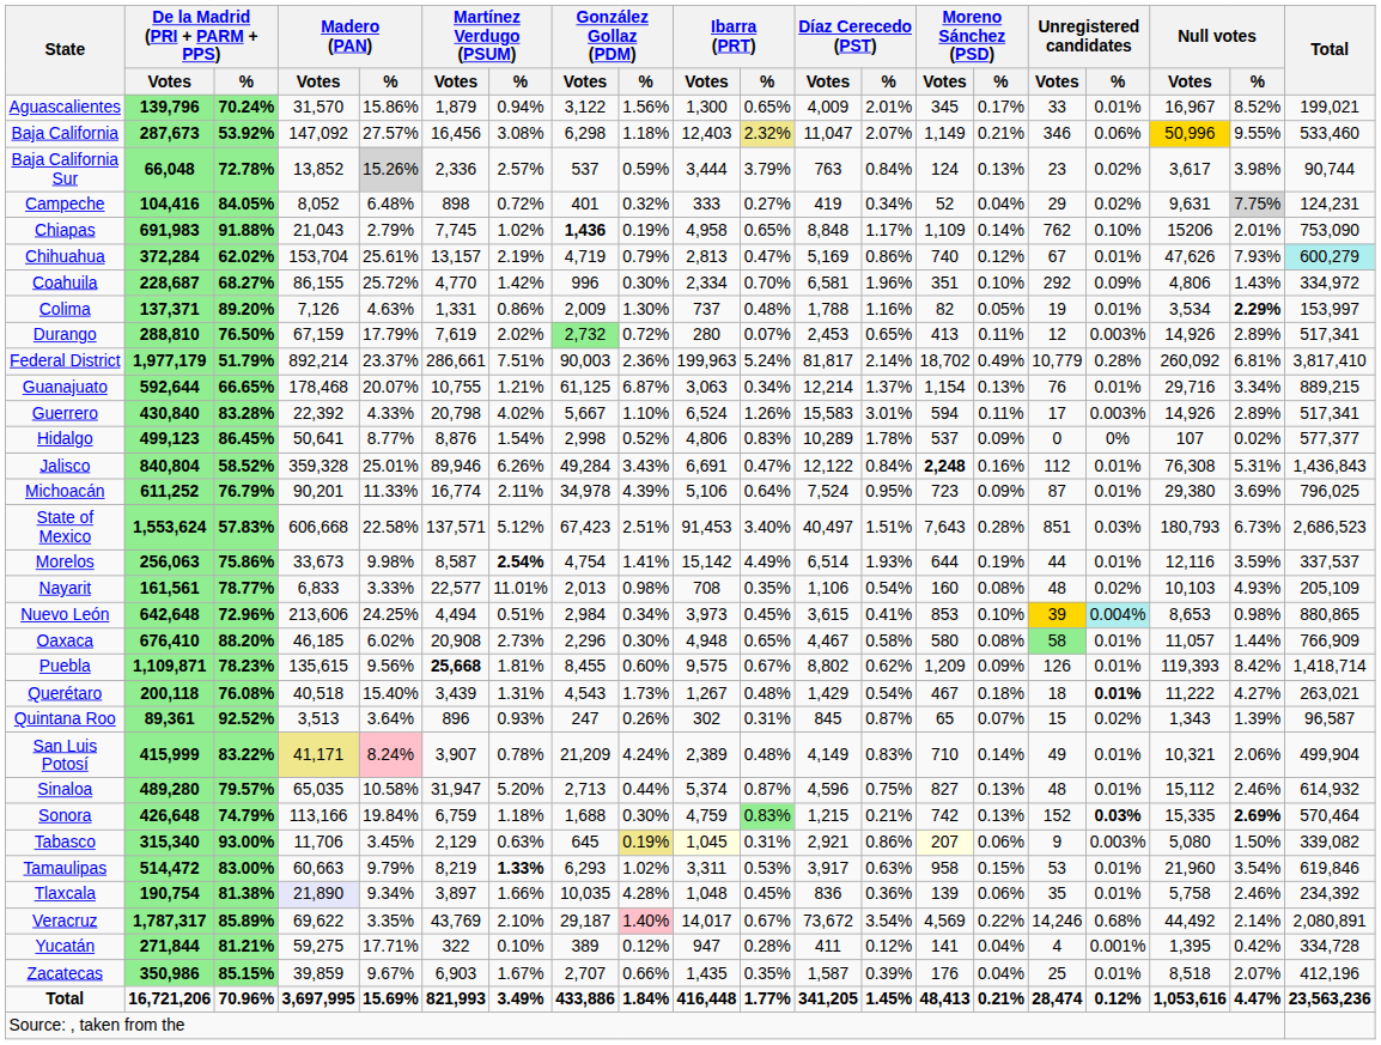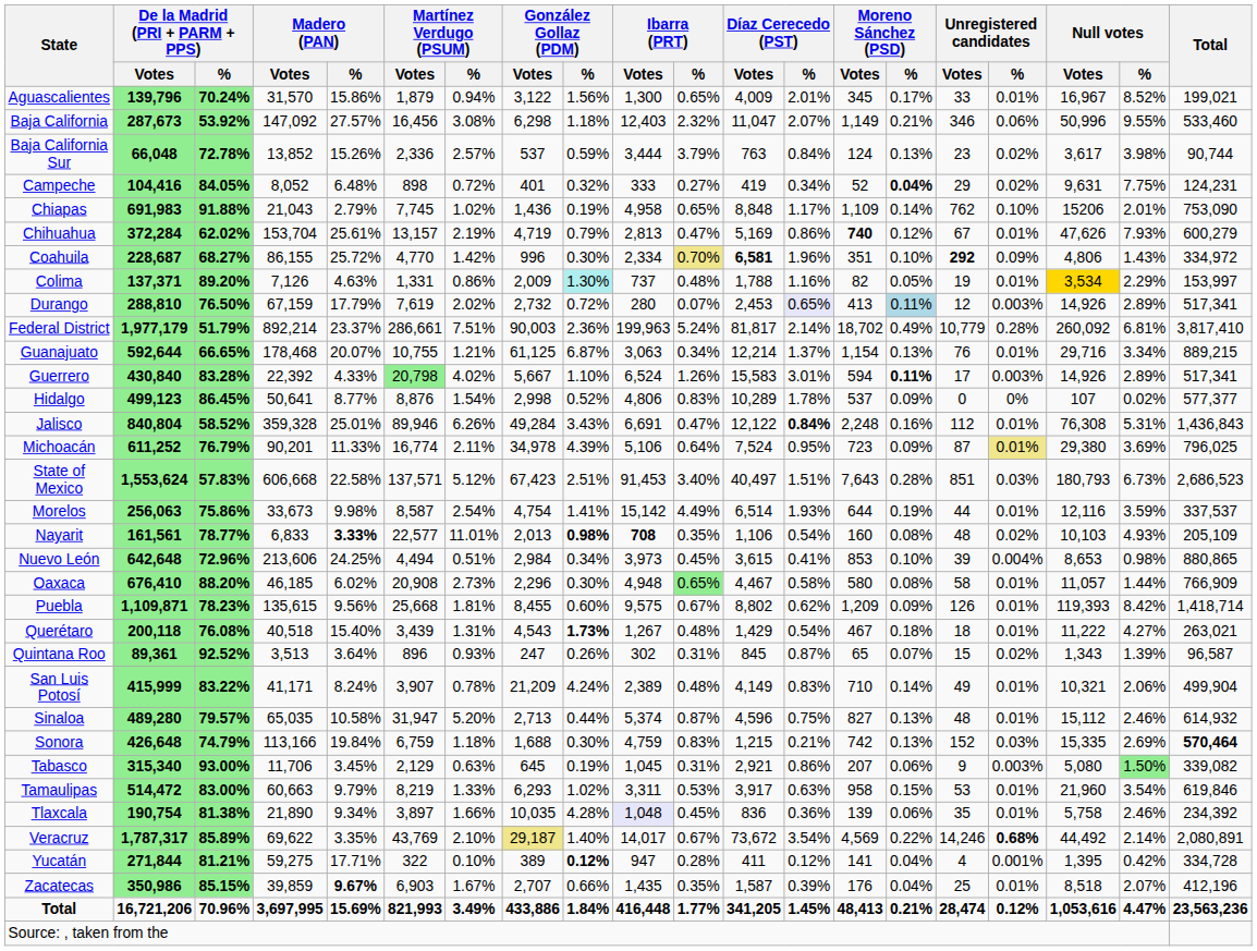 <table class="wikitable sortable"  style="text-align: center;">
 <tr>
 <th rowspan=2>State</th>
 <th colspan=2><a href='#'>De la Madrid</a><br>(<a href='#'>PRI</a> + <a href='#'>PARM</a> + <a href='#'>PPS</a>)</th>
 <th colspan=2><a href='#'>Madero</a><br>(<a href='#'>PAN</a>)</th>
 <th colspan=2><a href='#'>Martínez Verdugo</a><br>(<a href='#'>PSUM</a>)</th>
 <th colspan=2><a href='#'>González Gollaz</a><br>(<a href='#'>PDM</a>)</th>
 <th colspan=2><a href='#'>Ibarra</a><br>(<a href='#'>PRT</a>)</th>
 <th colspan=2><a href='#'>Díaz Cerecedo</a><br>(<a href='#'>PST</a>)</th>
 <th colspan=2><a href='#'>Moreno Sánchez</a><br>(<a href='#'>PSD</a>)</th>
 <th colspan=2>Unregistered candidates</th>
 <th colspan=2>Null votes</th>
 <th rowspan=2 colspan=1>Total</th>
 </tr>
 <tr>
 <th>Votes</th>
 <th>%</th>
 <th>Votes</th>
 <th>%</th>
 <th>Votes</th>
 <th>%</th>
 <th>Votes</th>
 <th>%</th>
 <th>Votes</th>
 <th>%</th>
 <th>Votes</th>
 <th>%</th>
 <th>Votes</th>
 <th>%</th>
 <th>Votes</th>
 <th>%</th>
 <th>Votes</th>
 <th>%</th>
 </tr>
 <tr>
 <td><a href='#'>Aguascalientes</a></td>
 <td bgcolor="lightgreen"><strong>139,796</strong></td>
 <td bgcolor="lightgreen"><strong>70.24%</strong></td>
 <td>31,570</td>
 <td>15.86%</td>
 <td>1,879</td>
 <td>0.94%</td>
 <td>3,122</td>
 <td>1.56%</td>
 <td>1,300</td>
 <td>0.65%</td>
 <td>4,009</td>
 <td>2.01%</td>
 <td>345</td>
 <td>0.17%</td>
 <td>33</td>
 <td>0.01%</td>
 <td>16,967</td>
 <td>8.52%</td>
 <td>199,021</td>
 </tr>
 <tr>
 <td><a href='#'>Baja California</a></td>
 <td bgcolor="lightgreen"><strong>287,673</strong></td>
 <td bgcolor="lightgreen"><strong>53.92%</strong></td>
 <td>147,092</td>
 <td>27.57%</td>
 <td>16,456</td>
 <td>3.08%</td>
 <td>6,298</td>
 <td>1.18%</td>
 <td>12,403</td>
-<td style="background: khaki;">2.32%</td>
+<td>2.32%</td>
 <td>11,047</td>
 <td>2.07%</td>
 <td>1,149</td>
 <td>0.21%</td>
 <td>346</td>
 <td>0.06%</td>
-<td style="background: gold;">50,996</td>
+<td>50,996</td>
 <td>9.55%</td>
 <td>533,460</td>
 </tr>
 <tr>
 <td><a href='#'>Baja California Sur</a></td>
 <td bgcolor="lightgreen"><strong>66,048</strong></td>
 <td bgcolor="lightgreen"><strong>72.78%</strong></td>
 <td>13,852</td>
-<td style="background: lightgrey;">15.26%</td>
+<td>15.26%</td>
 <td>2,336</td>
 <td>2.57%</td>
 <td>537</td>
 <td>0.59%</td>
 <td>3,444</td>
 <td>3.79%</td>
 <td>763</td>
 <td>0.84%</td>
 <td>124</td>
 <td>0.13%</td>
 <td>23</td>
 <td>0.02%</td>
 <td>3,617</td>
 <td>3.98%</td>
 <td>90,744</td>
 </tr>
 <tr>
 <td><a href='#'>Campeche</a></td>
 <td bgcolor="lightgreen"><strong>104,416</strong></td>
 <td bgcolor="lightgreen"><strong>84.05%</strong></td>
 <td>8,052</td>
 <td>6.48%</td>
 <td>898</td>
 <td>0.72%</td>
 <td>401</td>
 <td>0.32%</td>
 <td>333</td>
 <td>0.27%</td>
 <td>419</td>
 <td>0.34%</td>
 <td>52</td>
-<td>0.04%</td>
+<td><strong>0.04%</strong></td>
 <td>29</td>
 <td>0.02%</td>
 <td>9,631</td>
-<td style="background: lightgrey;">7.75%</td>
+<td>7.75%</td>
 <td>124,231</td>
 </tr>
 <tr>
 <td><a href='#'>Chiapas</a></td>
 <td bgcolor="lightgreen"><strong>691,983</strong></td>
 <td bgcolor="lightgreen"><strong>91.88%</strong></td>
 <td>21,043</td>
 <td>2.79%</td>
 <td>7,745</td>
 <td>1.02%</td>
-<td><strong>1,436</strong></td>
+<td>1,436</td>
 <td>0.19%</td>
 <td>4,958</td>
 <td>0.65%</td>
 <td>8,848</td>
 <td>1.17%</td>
 <td>1,109</td>
 <td>0.14%</td>
 <td>762</td>
 <td>0.10%</td>
 <td>15206</td>
 <td>2.01%</td>
 <td>753,090</td>
 </tr>
 <tr>
 <td><a href='#'>Chihuahua</a></td>
 <td bgcolor="lightgreen"><strong>372,284</strong></td>
 <td bgcolor="lightgreen"><strong>62.02%</strong></td>
 <td>153,704</td>
 <td>25.61%</td>
 <td>13,157</td>
 <td>2.19%</td>
 <td>4,719</td>
 <td>0.79%</td>
 <td>2,813</td>
 <td>0.47%</td>
 <td>5,169</td>
 <td>0.86%</td>
-<td>740</td>
+<td><strong>740</strong></td>
 <td>0.12%</td>
 <td>67</td>
 <td>0.01%</td>
 <td>47,626</td>
 <td>7.93%</td>
-<td style="background: paleturquoise;">600,279</td>
+<td>600,279</td>
 </tr>
 <tr>
 <td><a href='#'>Coahuila</a></td>
 <td bgcolor="lightgreen"><strong>228,687</strong></td>
 <td bgcolor="lightgreen"><strong>68.27%</strong></td>
 <td>86,155</td>
 <td>25.72%</td>
 <td>4,770</td>
 <td>1.42%</td>
 <td>996</td>
 <td>0.30%</td>
 <td>2,334</td>
-<td>0.70%</td>
-<td>6,581</td>
+<td style="background: khaki;">0.70%</td>
+<td><strong>6,581</strong></td>
 <td>1.96%</td>
 <td>351</td>
 <td>0.10%</td>
-<td>292</td>
+<td><strong>292</strong></td>
 <td>0.09%</td>
 <td>4,806</td>
 <td>1.43%</td>
 <td>334,972</td>
 </tr>
 <tr>
 <td><a href='#'>Colima</a></td>
 <td bgcolor="lightgreen"><strong>137,371</strong></td>
 <td bgcolor="lightgreen"><strong>89.20%</strong></td>
 <td>7,126</td>
 <td>4.63%</td>
 <td>1,331</td>
 <td>0.86%</td>
 <td>2,009</td>
-<td>1.30%</td>
+<td style="background: paleturquoise;">1.30%</td>
 <td>737</td>
 <td>0.48%</td>
 <td>1,788</td>
 <td>1.16%</td>
 <td>82</td>
 <td>0.05%</td>
 <td>19</td>
 <td>0.01%</td>
-<td>3,534</td>
-<td><strong>2.29%</strong></td>
+<td style="background: gold;">3,534</td>
+<td>2.29%</td>
 <td>153,997</td>
 </tr>
 <tr>
 <td><a href='#'>Durango</a></td>
 <td bgcolor="lightgreen"><strong>288,810</strong></td>
 <td bgcolor="lightgreen"><strong>76.50%</strong></td>
 <td>67,159</td>
 <td>17.79%</td>
 <td>7,619</td>
 <td>2.02%</td>
-<td style="background: lightgreen;">2,732</td>
+<td>2,732</td>
 <td>0.72%</td>
 <td>280</td>
 <td>0.07%</td>
 <td>2,453</td>
-<td>0.65%</td>
+<td style="background: lavender;">0.65%</td>
 <td>413</td>
-<td>0.11%</td>
+<td style="background: lightblue;">0.11%</td>
 <td>12</td>
 <td>0.003%</td>
 <td>14,926</td>
 <td>2.89%</td>
 <td>517,341</td>
 </tr>
 <tr>
 <td><a href='#'>Federal District</a></td>
 <td bgcolor="lightgreen"><strong>1,977,179</strong></td>
 <td bgcolor="lightgreen"><strong>51.79%</strong></td>
 <td>892,214</td>
 <td>23.37%</td>
 <td>286,661</td>
 <td>7.51%</td>
 <td>90,003</td>
 <td>2.36%</td>
 <td>199,963</td>
 <td>5.24%</td>
 <td>81,817</td>
 <td>2.14%</td>
 <td>18,702</td>
 <td>0.49%</td>
 <td>10,779</td>
 <td>0.28%</td>
 <td>260,092</td>
 <td>6.81%</td>
 <td>3,817,410</td>
 </tr>
 <tr>
 <td><a href='#'>Guanajuato</a></td>
 <td bgcolor="lightgreen"><strong>592,644</strong></td>
 <td bgcolor="lightgreen"><strong>66.65%</strong></td>
 <td>178,468</td>
 <td>20.07%</td>
 <td>10,755</td>
 <td>1.21%</td>
 <td>61,125</td>
 <td>6.87%</td>
 <td>3,063</td>
 <td>0.34%</td>
 <td>12,214</td>
 <td>1.37%</td>
 <td>1,154</td>
 <td>0.13%</td>
 <td>76</td>
 <td>0.01%</td>
 <td>29,716</td>
 <td>3.34%</td>
 <td>889,215</td>
 </tr>
 <tr>
 <td><a href='#'>Guerrero</a></td>
 <td bgcolor="lightgreen"><strong>430,840</strong></td>
 <td bgcolor="lightgreen"><strong>83.28%</strong></td>
 <td>22,392</td>
 <td>4.33%</td>
-<td>20,798</td>
+<td style="background: lightgreen;">20,798</td>
 <td>4.02%</td>
 <td>5,667</td>
 <td>1.10%</td>
 <td>6,524</td>
 <td>1.26%</td>
 <td>15,583</td>
 <td>3.01%</td>
 <td>594</td>
-<td>0.11%</td>
+<td><strong>0.11%</strong></td>
 <td>17</td>
 <td>0.003%</td>
 <td>14,926</td>
 <td>2.89%</td>
 <td>517,341</td>
 </tr>
 <tr>
 <td><a href='#'>Hidalgo</a></td>
 <td bgcolor="lightgreen"><strong> 499,123</strong></td>
 <td bgcolor="lightgreen"><strong>86.45%</strong></td>
 <td>50,641</td>
 <td>8.77%</td>
 <td>8,876</td>
 <td>1.54%</td>
 <td>2,998</td>
 <td>0.52%</td>
 <td>4,806</td>
 <td>0.83%</td>
 <td>10,289</td>
 <td>1.78%</td>
 <td>537</td>
 <td>0.09%</td>
 <td>0</td>
 <td>0%</td>
 <td>107</td>
 <td>0.02%</td>
 <td>577,377</td>
 </tr>
 <tr>
 <td><a href='#'>Jalisco</a></td>
 <td bgcolor="lightgreen"><strong>840,804</strong></td>
 <td bgcolor="lightgreen"><strong>58.52%</strong></td>
 <td>359,328</td>
 <td>25.01%</td>
 <td>89,946</td>
 <td>6.26%</td>
 <td>49,284</td>
 <td>3.43%</td>
 <td>6,691</td>
 <td>0.47%</td>
 <td>12,122</td>
-<td>0.84%</td>
-<td><strong>2,248</strong></td>
+<td><strong>0.84%</strong></td>
+<td>2,248</td>
 <td>0.16%</td>
 <td>112</td>
 <td>0.01%</td>
 <td>76,308</td>
 <td>5.31%</td>
 <td>1,436,843</td>
 </tr>
 <tr>
 <td><a href='#'>Michoacán</a></td>
 <td bgcolor="lightgreen"><strong>611,252</strong></td>
 <td bgcolor="lightgreen"><strong>76.79%</strong></td>
 <td>90,201</td>
 <td>11.33%</td>
 <td>16,774</td>
 <td>2.11%</td>
 <td>34,978</td>
 <td>4.39%</td>
 <td>5,106</td>
 <td>0.64%</td>
 <td>7,524</td>
 <td>0.95%</td>
 <td>723</td>
 <td>0.09%</td>
 <td>87</td>
-<td>0.01%</td>
+<td style="background: khaki;">0.01%</td>
 <td>29,380</td>
 <td>3.69%</td>
 <td>796,025</td>
 </tr>
 <tr>
 <td><a href='#'>State of Mexico</a></td>
 <td bgcolor="lightgreen"><strong>1,553,624</strong></td>
 <td bgcolor="lightgreen"><strong>57.83%</strong></td>
 <td>606,668</td>
 <td>22.58%</td>
 <td>137,571</td>
 <td>5.12%</td>
 <td>67,423</td>
 <td>2.51%</td>
 <td>91,453</td>
 <td>3.40%</td>
 <td>40,497</td>
 <td>1.51%</td>
 <td>7,643</td>
 <td>0.28%</td>
 <td>851</td>
 <td>0.03%</td>
 <td>180,793</td>
 <td>6.73%</td>
 <td>2,686,523</td>
 </tr>
 <tr>
 <td><a href='#'>Morelos</a></td>
 <td bgcolor="lightgreen"><strong>256,063</strong></td>
 <td bgcolor="lightgreen"><strong>75.86%</strong></td>
 <td>33,673</td>
 <td>9.98%</td>
 <td>8,587</td>
-<td><strong>2.54%</strong></td>
+<td>2.54%</td>
 <td>4,754</td>
 <td>1.41%</td>
 <td>15,142</td>
 <td>4.49%</td>
 <td>6,514</td>
 <td>1.93%</td>
 <td>644</td>
 <td>0.19%</td>
 <td>44</td>
 <td>0.01%</td>
 <td>12,116</td>
 <td>3.59%</td>
 <td>337,537</td>
 </tr>
 <tr>
 <td><a href='#'>Nayarit</a></td>
 <td bgcolor="lightgreen"><strong>161,561</strong></td>
 <td bgcolor="lightgreen"><strong>78.77%</strong></td>
 <td>6,833</td>
-<td>3.33%</td>
+<td><strong>3.33%</strong></td>
 <td>22,577</td>
 <td>11.01%</td>
 <td>2,013</td>
-<td>0.98%</td>
-<td>708</td>
+<td><strong>0.98%</strong></td>
+<td><strong>708</strong></td>
 <td>0.35%</td>
 <td>1,106</td>
 <td>0.54%</td>
 <td>160</td>
 <td>0.08%</td>
 <td>48</td>
 <td>0.02%</td>
 <td>10,103</td>
 <td>4.93%</td>
 <td>205,109</td>
 </tr>
 <tr>
 <td><a href='#'>Nuevo León</a></td>
 <td bgcolor="lightgreen"><strong>642,648</strong></td>
 <td bgcolor="lightgreen"><strong>72.96%</strong></td>
 <td>213,606</td>
 <td>24.25%</td>
 <td>4,494</td>
 <td>0.51%</td>
 <td>2,984</td>
 <td>0.34%</td>
 <td>3,973</td>
 <td>0.45%</td>
 <td>3,615</td>
 <td>0.41%</td>
 <td>853</td>
 <td>0.10%</td>
-<td style="background: gold;">39</td>
-<td style="background: paleturquoise;">0.004%</td>
+<td>39</td>
+<td>0.004%</td>
 <td>8,653</td>
 <td>0.98%</td>
 <td>880,865</td>
 </tr>
 <tr>
 <td><a href='#'>Oaxaca</a></td>
 <td bgcolor="lightgreen"><strong>676,410</strong></td>
 <td bgcolor="lightgreen"><strong>88.20%</strong></td>
 <td>46,185</td>
 <td>6.02%</td>
 <td>20,908</td>
 <td>2.73%</td>
 <td>2,296</td>
 <td>0.30%</td>
 <td>4,948</td>
-<td>0.65%</td>
+<td style="background: lightgreen;">0.65%</td>
 <td>4,467</td>
 <td>0.58%</td>
 <td>580</td>
 <td>0.08%</td>
-<td style="background: lightgreen;">58</td>
+<td>58</td>
 <td>0.01%</td>
 <td>11,057</td>
 <td>1.44%</td>
 <td>766,909</td>
 </tr>
 <tr>
 <td><a href='#'>Puebla</a></td>
 <td bgcolor="lightgreen"><strong>1,109,871</strong></td>
 <td bgcolor="lightgreen"><strong>78.23%</strong></td>
 <td>135,615</td>
 <td>9.56%</td>
-<td><strong>25,668</strong></td>
+<td>25,668</td>
 <td>1.81%</td>
 <td>8,455</td>
 <td>0.60%</td>
 <td>9,575</td>
 <td>0.67%</td>
 <td>8,802</td>
 <td>0.62%</td>
 <td>1,209</td>
 <td>0.09%</td>
 <td>126</td>
 <td>0.01%</td>
 <td>119,393</td>
 <td>8.42%</td>
 <td>1,418,714</td>
 </tr>
 <tr>
 <td><a href='#'>Querétaro</a></td>
 <td bgcolor="lightgreen"><strong>200,118</strong></td>
 <td bgcolor="lightgreen"><strong>76.08%</strong></td>
 <td>40,518</td>
 <td>15.40%</td>
 <td>3,439</td>
 <td>1.31%</td>
 <td>4,543</td>
-<td>1.73%</td>
+<td><strong>1.73%</strong></td>
 <td>1,267</td>
 <td>0.48%</td>
 <td>1,429</td>
 <td>0.54%</td>
 <td>467</td>
 <td>0.18%</td>
 <td>18</td>
-<td><strong>0.01%</strong></td>
+<td>0.01%</td>
 <td>11,222</td>
 <td>4.27%</td>
 <td>263,021</td>
 </tr>
 <tr>
 <td><a href='#'>Quintana Roo</a></td>
 <td bgcolor="lightgreen"><strong>89,361</strong></td>
 <td bgcolor="lightgreen"><strong>92.52%</strong></td>
 <td>3,513</td>
 <td>3.64%</td>
 <td>896</td>
 <td>0.93%</td>
 <td>247</td>
 <td>0.26%</td>
 <td>302</td>
 <td>0.31%</td>
 <td>845</td>
 <td>0.87%</td>
 <td>65</td>
 <td>0.07%</td>
 <td>15</td>
 <td>0.02%</td>
 <td>1,343</td>
 <td>1.39%</td>
 <td>96,587</td>
 </tr>
 <tr>
 <td><a href='#'>San Luis Potosí</a></td>
 <td bgcolor="lightgreen"><strong>415,999</strong></td>
 <td bgcolor="lightgreen"><strong>83.22%</strong></td>
-<td style="background: khaki;">41,171</td>
-<td style="background: pink;">8.24%</td>
+<td>41,171</td>
+<td>8.24%</td>
 <td>3,907</td>
 <td>0.78%</td>
 <td>21,209</td>
 <td>4.24%</td>
 <td>2,389</td>
 <td>0.48%</td>
 <td>4,149</td>
 <td>0.83%</td>
 <td>710</td>
 <td>0.14%</td>
 <td>49</td>
 <td>0.01%</td>
 <td>10,321</td>
 <td>2.06%</td>
 <td>499,904</td>
 </tr>
 <tr>
 <td><a href='#'>Sinaloa</a></td>
 <td bgcolor="lightgreen"><strong>489,280</strong></td>
 <td bgcolor="lightgreen"><strong>79.57%</strong></td>
 <td>65,035</td>
 <td>10.58%</td>
 <td>31,947</td>
 <td>5.20%</td>
 <td>2,713</td>
 <td>0.44%</td>
 <td>5,374</td>
 <td>0.87%</td>
 <td>4,596</td>
 <td>0.75%</td>
 <td>827</td>
 <td>0.13%</td>
 <td>48</td>
 <td>0.01%</td>
 <td>15,112</td>
 <td>2.46%</td>
 <td>614,932</td>
 </tr>
 <tr>
 <td><a href='#'>Sonora</a></td>
 <td bgcolor="lightgreen"><strong>426,648</strong></td>
 <td bgcolor="lightgreen"><strong>74.79%</strong></td>
 <td>113,166</td>
 <td>19.84%</td>
 <td>6,759</td>
 <td>1.18%</td>
 <td>1,688</td>
 <td>0.30%</td>
 <td>4,759</td>
-<td style="background: lightgreen;">0.83%</td>
+<td>0.83%</td>
 <td>1,215</td>
 <td>0.21%</td>
 <td>742</td>
 <td>0.13%</td>
 <td>152</td>
-<td><strong>0.03%</strong></td>
+<td>0.03%</td>
 <td>15,335</td>
-<td><strong>2.69%</strong></td>
-<td>570,464</td>
+<td>2.69%</td>
+<td><strong>570,464</strong></td>
 </tr>
 <tr>
 <td><a href='#'>Tabasco</a></td>
 <td bgcolor="lightgreen"><strong>315,340</strong></td>
 <td bgcolor="lightgreen"><strong>93.00%</strong></td>
 <td>11,706</td>
 <td>3.45%</td>
 <td>2,129</td>
 <td>0.63%</td>
 <td>645</td>
-<td style="background: khaki;">0.19%</td>
-<td style="background: lightyellow;">1,045</td>
+<td>0.19%</td>
+<td>1,045</td>
 <td>0.31%</td>
 <td>2,921</td>
 <td>0.86%</td>
-<td style="background: lightyellow;">207</td>
+<td>207</td>
 <td>0.06%</td>
 <td>9</td>
 <td>0.003%</td>
 <td>5,080</td>
-<td>1.50%</td>
+<td style="background: lightgreen;">1.50%</td>
 <td>339,082</td>
 </tr>
 <tr>
 <td><a href='#'>Tamaulipas</a></td>
 <td bgcolor="lightgreen"><strong>514,472</strong></td>
 <td bgcolor="lightgreen"><strong>83.00%</strong></td>
 <td>60,663</td>
 <td>9.79%</td>
 <td>8,219</td>
-<td><strong>1.33%</strong></td>
+<td>1.33%</td>
 <td>6,293</td>
 <td>1.02%</td>
 <td>3,311</td>
 <td>0.53%</td>
 <td>3,917</td>
 <td>0.63%</td>
 <td>958</td>
 <td>0.15%</td>
 <td>53</td>
 <td>0.01%</td>
 <td>21,960</td>
 <td>3.54%</td>
 <td>619,846</td>
 </tr>
 <tr>
 <td><a href='#'>Tlaxcala</a></td>
 <td bgcolor="lightgreen"><strong>190,754</strong></td>
 <td bgcolor="lightgreen"><strong>81.38%</strong></td>
-<td style="background: lavender;">21,890</td>
+<td>21,890</td>
 <td>9.34%</td>
 <td>3,897</td>
 <td>1.66%</td>
 <td>10,035</td>
 <td>4.28%</td>
-<td>1,048</td>
+<td style="background: lavender;">1,048</td>
 <td>0.45%</td>
 <td>836</td>
 <td>0.36%</td>
 <td>139</td>
 <td>0.06%</td>
 <td>35</td>
 <td>0.01%</td>
 <td>5,758</td>
 <td>2.46%</td>
 <td>234,392</td>
 </tr>
 <tr>
 <td><a href='#'>Veracruz</a></td>
 <td bgcolor="lightgreen"><strong>1,787,317</strong></td>
 <td bgcolor="lightgreen"><strong>85.89%</strong></td>
 <td>69,622</td>
 <td>3.35%</td>
 <td>43,769</td>
 <td>2.10%</td>
-<td>29,187</td>
-<td style="background: pink;">1.40%</td>
+<td style="background: khaki;">29,187</td>
+<td>1.40%</td>
 <td>14,017</td>
 <td>0.67%</td>
 <td>73,672</td>
 <td>3.54%</td>
 <td>4,569</td>
 <td>0.22%</td>
 <td>14,246</td>
-<td>0.68%</td>
+<td><strong>0.68%</strong></td>
 <td>44,492</td>
 <td>2.14%</td>
 <td>2,080,891</td>
 </tr>
 <tr>
 <td><a href='#'>Yucatán</a></td>
 <td bgcolor="lightgreen"><strong>271,844</strong></td>
 <td bgcolor="lightgreen"><strong>81.21%</strong></td>
 <td>59,275</td>
 <td>17.71%</td>
 <td>322</td>
 <td>0.10%</td>
 <td>389</td>
-<td>0.12%</td>
+<td><strong>0.12%</strong></td>
 <td>947</td>
 <td>0.28%</td>
 <td>411</td>
 <td>0.12%</td>
 <td>141</td>
 <td>0.04%</td>
 <td>4</td>
 <td>0.001%</td>
 <td>1,395</td>
 <td>0.42%</td>
 <td>334,728</td>
 </tr>
 <tr>
 <td><a href='#'>Zacatecas</a></td>
 <td bgcolor="lightgreen"><strong>350,986</strong></td>
 <td bgcolor="lightgreen"><strong>85.15%</strong></td>
 <td>39,859</td>
-<td>9.67%</td>
+<td><strong>9.67%</strong></td>
 <td>6,903</td>
 <td>1.67%</td>
 <td>2,707</td>
 <td>0.66%</td>
 <td>1,435</td>
 <td>0.35%</td>
 <td>1,587</td>
 <td>0.39%</td>
 <td>176</td>
 <td>0.04%</td>
 <td>25</td>
 <td>0.01%</td>
 <td>8,518</td>
 <td>2.07%</td>
 <td>412,196</td>
 </tr>
 <tr style="font-weight:bold">
 <td>Total</td>
 <td><strong>16,721,206</strong></td>
 <td><strong>70.96%</strong></td>
 <td>3,697,995</td>
 <td>15.69%</td>
 <td>821,993</td>
 <td>3.49%</td>
 <td>433,886</td>
 <td>1.84%</td>
 <td>416,448</td>
 <td>1.77%</td>
 <td>341,205</td>
 <td>1.45%</td>
 <td>48,413</td>
 <td>0.21%</td>
 <td>28,474</td>
 <td>0.12%</td>
 <td>1,053,616</td>
 <td>4.47%</td>
 <td>23,563,236</td>
 </tr>
 <tr>
 <td colspan=19 align=left>Source: , taken from the </td>
 </tr>
 </table>
